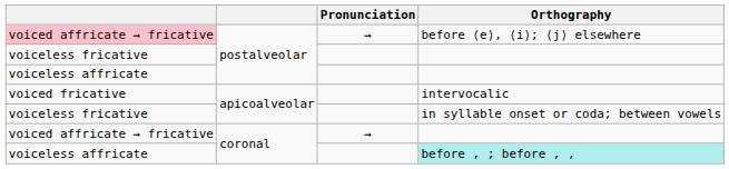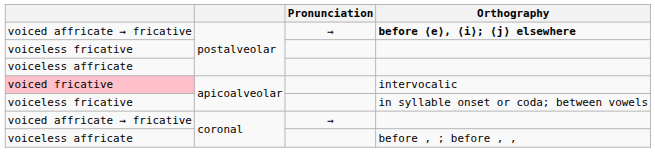 <table class="wikitable" style="margin: 1em 1em 1em 2em;">
 <tr>
 <th></th>
 <th></th>
 <th>Pronunciation</th>
 <th>Orthography</th>
 </tr>
 <tr>
-<td style="background: pink;">voiced affricate → fricative</td>
+<td>voiced affricate → fricative</td>
 <td rowspan="3">postalveolar</td>
 <td align="center"> → </td>
-<td> before ⟨e⟩, ⟨i⟩; ⟨j⟩ elsewhere</td>
+<td><strong> before ⟨e⟩, ⟨i⟩; ⟨j⟩ elsewhere</strong></td>
 </tr>
 <tr>
 <td>voiceless fricative</td>
 <td align="center"></td>
 <td></td>
 </tr>
 <tr>
 <td>voiceless affricate</td>
 <td align="center"></td>
 <td></td>
 </tr>
 <tr>
-<td>voiced fricative</td>
+<td style="background: pink;">voiced fricative</td>
 <td rowspan="2">apicoalveolar</td>
 <td align="center"></td>
 <td>intervocalic </td>
 </tr>
 <tr>
 <td>voiceless fricative</td>
 <td align="center"></td>
 <td> in syllable onset or coda;  between vowels</td>
 </tr>
 <tr>
 <td>voiced affricate → fricative</td>
 <td rowspan="2">coronal</td>
 <td align="center"> → </td>
 <td></td>
 </tr>
 <tr>
 <td>voiceless affricate</td>
 <td align="center"></td>
-<td style="background: paleturquoise;"> before , ;  before , , </td>
+<td> before , ;  before , , </td>
 </tr>
 </table>
